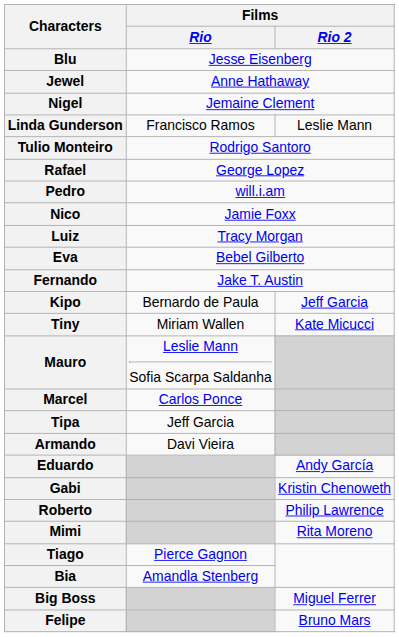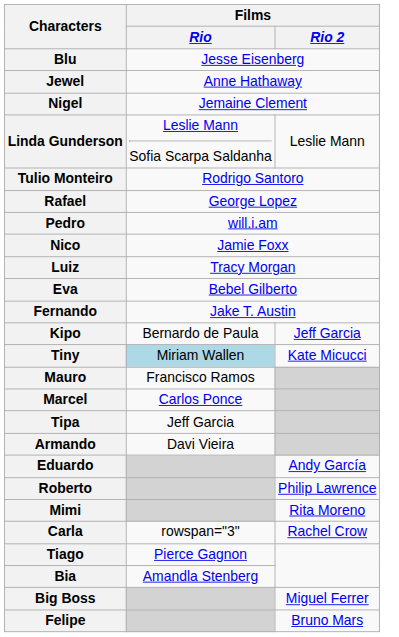 <table class="wikitable" style="text-align:center;">
 <tr>
 <th rowspan="2">Characters</th>
 <th colspan="2">Films</th>
 </tr>
 <tr>
 <th><em><a href='#'>Rio</a></em></th>
 <th><em><a href='#'>Rio 2</a></em></th>
 </tr>
 <tr>
 <th>Blu</th>
 <td colspan="2"><a href='#'>Jesse Eisenberg</a></td>
 </tr>
 <tr>
 <th>Jewel</th>
 <td colspan="2"><a href='#'>Anne Hathaway</a></td>
 </tr>
 <tr>
 <th>Nigel</th>
 <td colspan="2"><a href='#'>Jemaine Clement</a></td>
 </tr>
 <tr>
 <th>Linda Gunderson</th>
-<td>Francisco Ramos</td>
+<td><a href='#'>Leslie Mann</a><hr>Sofia Scarpa Saldanha</td>
 <td>Leslie Mann</td>
 </tr>
 <tr>
 <th>Tulio Monteiro</th>
 <td colspan="2"><a href='#'>Rodrigo Santoro</a></td>
 </tr>
 <tr>
 <th>Rafael</th>
 <td colspan="2"><a href='#'>George Lopez</a></td>
 </tr>
 <tr>
 <th>Pedro</th>
 <td colspan="2"><a href='#'>will.i.am</a></td>
 </tr>
 <tr>
 <th>Nico</th>
 <td colspan="2"><a href='#'>Jamie Foxx</a></td>
 </tr>
 <tr>
 <th>Luiz</th>
 <td colspan="2"><a href='#'>Tracy Morgan</a></td>
 </tr>
 <tr>
 <th>Eva</th>
 <td colspan="2"><a href='#'>Bebel Gilberto</a></td>
 </tr>
 <tr>
 <th>Fernando</th>
 <td colspan="2"><a href='#'>Jake T. Austin</a></td>
 </tr>
 <tr>
 <th>Kipo</th>
 <td>Bernardo de Paula</td>
 <td><a href='#'>Jeff Garcia</a></td>
 </tr>
 <tr>
 <th>Tiny</th>
-<td>Miriam Wallen</td>
+<td style="background: lightblue;">Miriam Wallen</td>
 <td><a href='#'>Kate Micucci</a></td>
 </tr>
 <tr>
 <th>Mauro</th>
-<td><a href='#'>Leslie Mann</a><hr>Sofia Scarpa Saldanha</td>
+<td>Francisco Ramos</td>
 <td style="background:#d3d3d3;"></td>
 </tr>
 <tr>
 <th>Marcel</th>
 <td><a href='#'>Carlos Ponce</a></td>
 <td style="background:#d3d3d3;"></td>
 </tr>
 <tr>
 <th>Tipa</th>
 <td>Jeff Garcia</td>
 <td style="background:#d3d3d3;"></td>
 </tr>
 <tr>
 <th>Armando</th>
 <td>Davi Vieira</td>
 <td style="background:#d3d3d3;"></td>
 </tr>
 <tr>
 <th>Eduardo</th>
 <td style="background:#d3d3d3;"></td>
 <td><a href='#'>Andy García</a></td>
 </tr>
 <tr>
-<th>Gabi</th>
-<td style="background:#d3d3d3;"></td>
-<td><a href='#'>Kristin Chenoweth</a></td>
-</tr>
-<tr>
 <th>Roberto</th>
 <td style="background:#d3d3d3;"></td>
 <td><a href='#'>Philip Lawrence</a></td>
 </tr>
 <tr>
 <th>Mimi</th>
 <td style="background:#d3d3d3;"></td>
 <td><a href='#'>Rita Moreno</a></td>
+</tr>
+<tr>
+<th>Carla</th>
+<td>rowspan="3" </td>
+<td><a href='#'>Rachel Crow</a></td>
 </tr>
 <tr>
 <th>Tiago</th>
 <td><a href='#'>Pierce Gagnon</a></td>
 </tr>
 <tr>
 <th>Bia</th>
 <td><a href='#'>Amandla Stenberg</a></td>
 </tr>
 <tr>
 <th>Big Boss</th>
 <td style="background:#d3d3d3;"></td>
 <td><a href='#'>Miguel Ferrer</a></td>
 </tr>
 <tr>
 <th>Felipe</th>
 <td style="background:#d3d3d3;"></td>
 <td><a href='#'>Bruno Mars</a></td>
 </tr>
 </table>
